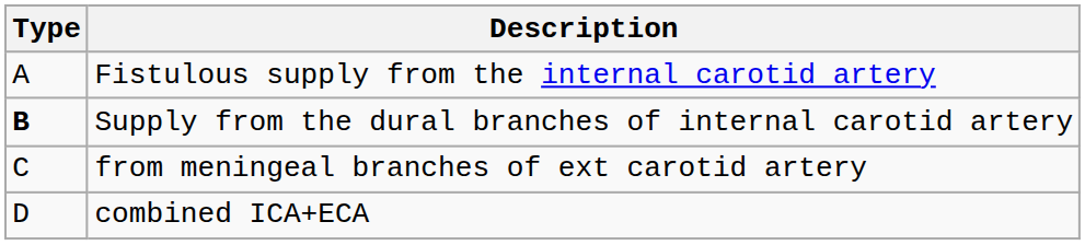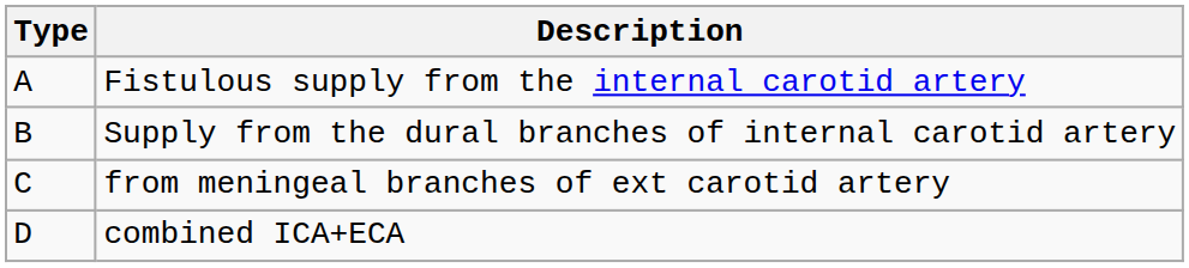 <table class="wikitable">
 <tr>
 <th>Type</th>
 <th>Description</th>
 </tr>
 <tr>
 <td>A</td>
 <td>Fistulous supply from the <a href='#'>internal carotid artery</a></td>
 </tr>
 <tr>
-<td><strong>B</strong></td>
+<td>B</td>
 <td>Supply from the dural branches of internal carotid artery</td>
 </tr>
 <tr>
 <td>C</td>
 <td>from meningeal branches of ext carotid artery</td>
 </tr>
 <tr>
 <td>D</td>
 <td>combined ICA+ECA</td>
 </tr>
 </table>
